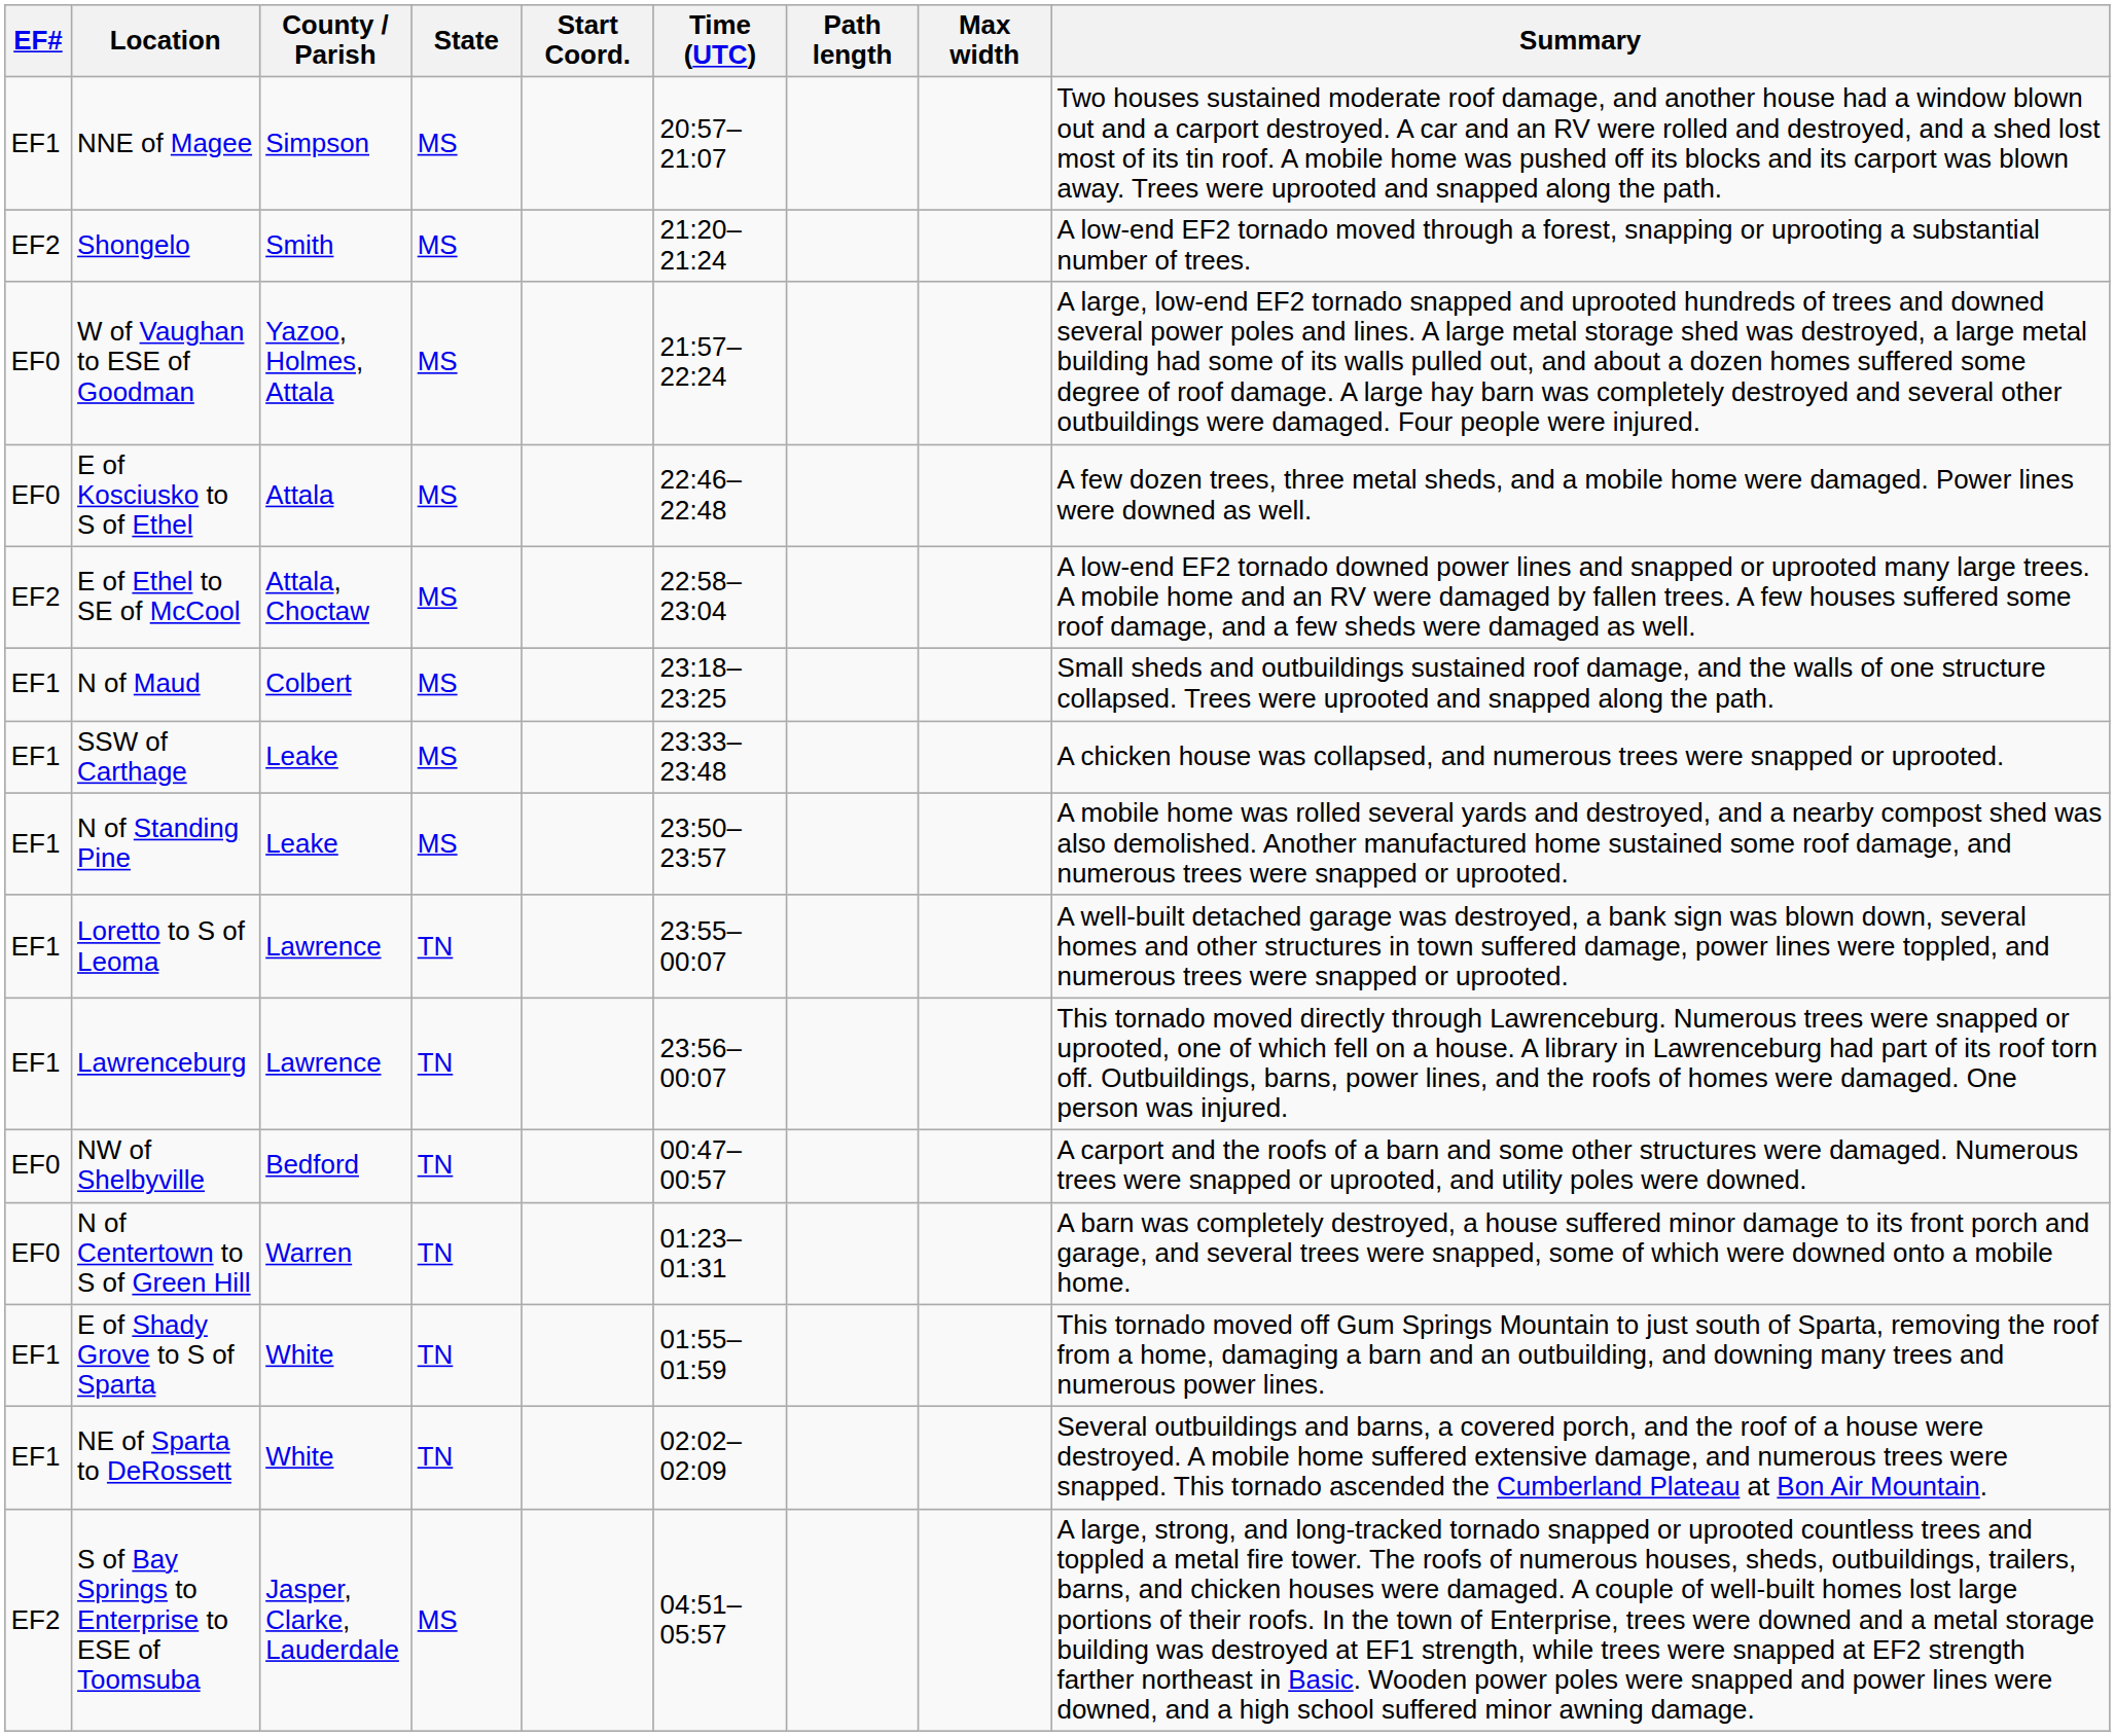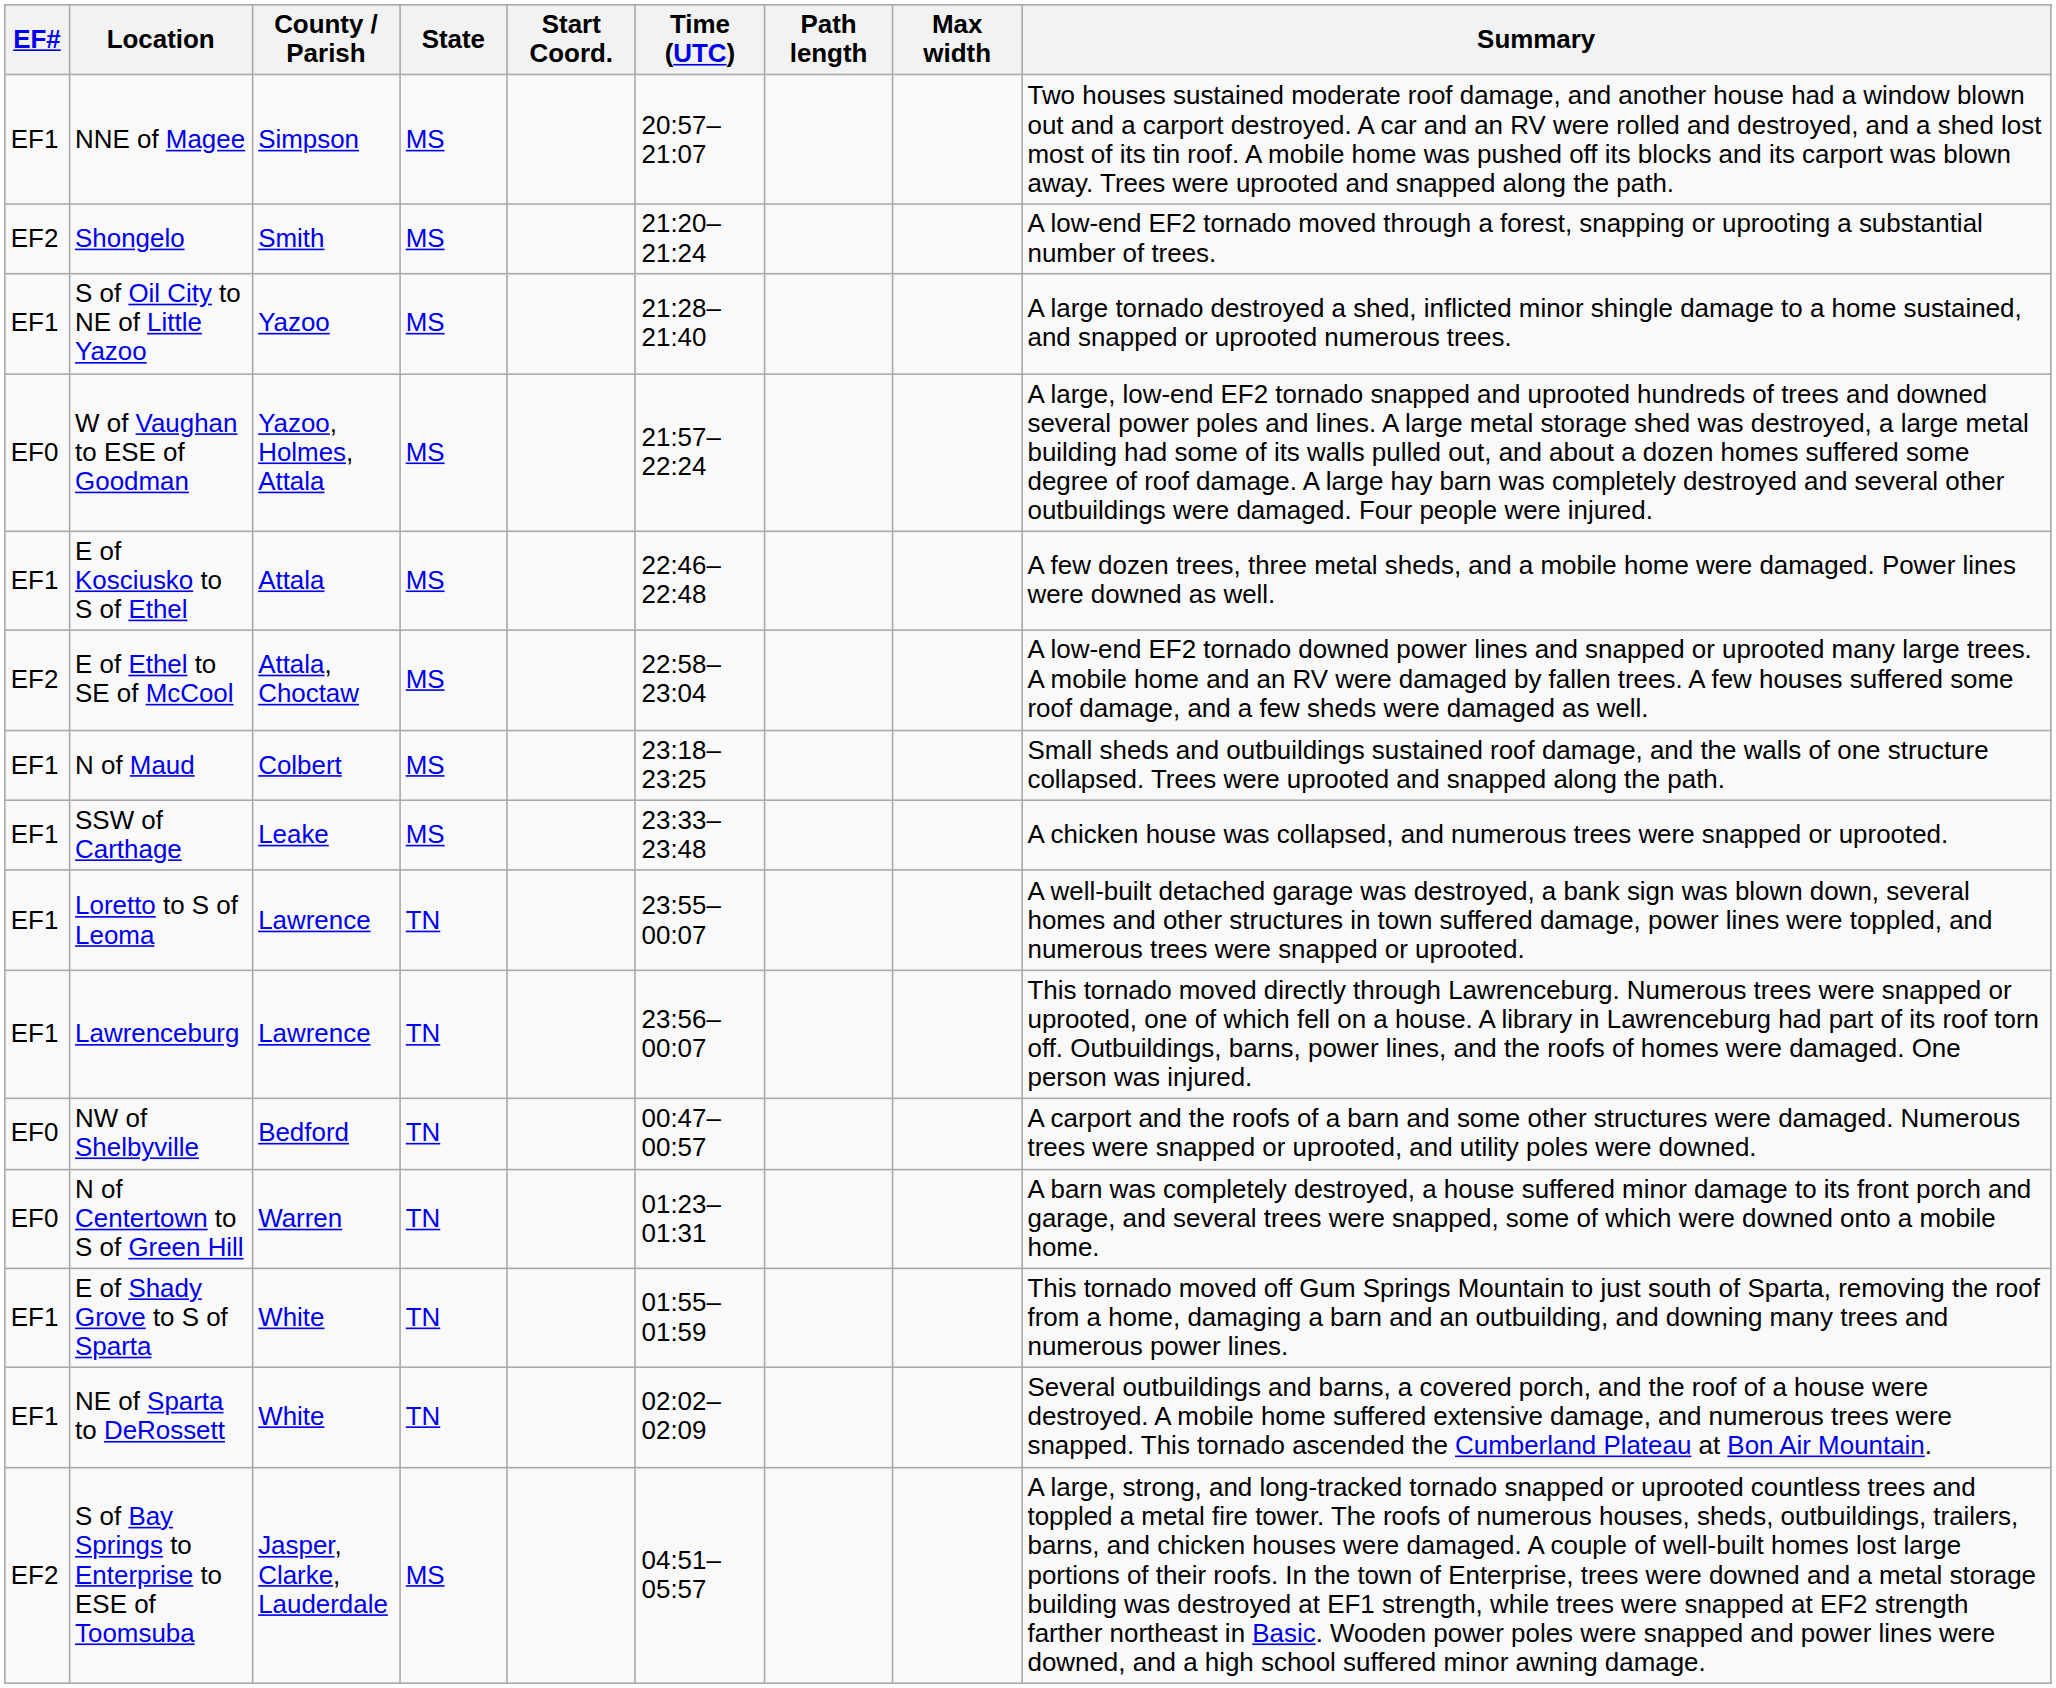 <table class="wikitable sortable" style="width:100%;">
 <tr>
 <th scope="col"  style="width:3%; text-align:center;"><a href='#'>EF#</a></th>
 <th scope="col"  style="width:7%; text-align:center;" class="unsortable">Location</th>
 <th scope="col"  style="width:6%; text-align:center;" class="unsortable">County / Parish</th>
 <th scope="col"  style="width:5%; text-align:center;">State</th>
 <th scope="col"  style="width:6%; text-align:center;">Start Coord.</th>
 <th scope="col"  style="width:6%; text-align:center;">Time (<a href='#'>UTC</a>)</th>
 <th scope="col"  style="width:6%; text-align:center;">Path length</th>
 <th scope="col"  style="width:6%; text-align:center;">Max width</th>
 <th scope="col" class="unsortable" style="width:48%; text-align:center;">Summary</th>
 </tr>
 <tr>
 <td>EF1</td>
 <td>NNE of <a href='#'>Magee</a></td>
 <td><a href='#'>Simpson</a></td>
 <td><a href='#'>MS</a></td>
 <td></td>
 <td>20:57–21:07</td>
 <td></td>
 <td></td>
 <td>Two houses sustained moderate roof damage, and another house had a window blown out and a carport destroyed. A car and an RV were rolled and destroyed, and a shed lost most of its tin roof. A mobile home was pushed off its blocks and its carport was blown away. Trees were uprooted and snapped along the path.</td>
 </tr>
 <tr>
 <td>EF2</td>
 <td><a href='#'>Shongelo</a></td>
 <td><a href='#'>Smith</a></td>
 <td><a href='#'>MS</a></td>
 <td></td>
 <td>21:20–21:24</td>
 <td></td>
 <td></td>
 <td>A low-end EF2 tornado moved through a forest, snapping or uprooting a substantial number of trees.</td>
 </tr>
 <tr>
+<td>EF1</td>
+<td>S of <a href='#'>Oil City</a> to NE of <a href='#'>Little Yazoo</a></td>
+<td><a href='#'>Yazoo</a></td>
+<td><a href='#'>MS</a></td>
+<td></td>
+<td>21:28–21:40</td>
+<td></td>
+<td></td>
+<td>A large tornado destroyed a shed, inflicted minor shingle damage to a home sustained, and snapped or uprooted numerous trees.</td>
+</tr>
+<tr>
 <td>EF0</td>
 <td>W of <a href='#'>Vaughan</a> to ESE of <a href='#'>Goodman</a></td>
 <td><a href='#'>Yazoo</a>, <a href='#'>Holmes</a>, <a href='#'>Attala</a></td>
 <td><a href='#'>MS</a></td>
 <td></td>
 <td>21:57–22:24</td>
 <td></td>
 <td></td>
 <td>A large, low-end EF2 tornado snapped and uprooted hundreds of trees and downed several power poles and lines. A large metal storage shed was destroyed, a large metal building had some of its walls pulled out, and about a dozen homes suffered some degree of roof damage. A large hay barn was completely destroyed and several other outbuildings were damaged. Four people were injured.</td>
 </tr>
 <tr>
-<td>EF0</td>
+<td>EF1</td>
 <td>E of <a href='#'>Kosciusko</a> to S of <a href='#'>Ethel</a></td>
 <td><a href='#'>Attala</a></td>
 <td><a href='#'>MS</a></td>
 <td></td>
 <td>22:46–22:48</td>
 <td></td>
 <td></td>
 <td>A few dozen trees, three metal sheds, and a mobile home were damaged. Power lines were downed as well.</td>
 </tr>
 <tr>
 <td>EF2</td>
 <td>E of <a href='#'>Ethel</a> to SE of <a href='#'>McCool</a></td>
 <td><a href='#'>Attala</a>, <a href='#'>Choctaw</a></td>
 <td><a href='#'>MS</a></td>
 <td></td>
 <td>22:58–23:04</td>
 <td></td>
 <td></td>
 <td>A low-end EF2 tornado downed power lines and snapped or uprooted many large trees. A mobile home and an RV were damaged by fallen trees. A few houses suffered some roof damage, and a few sheds were damaged as well.</td>
 </tr>
 <tr>
 <td>EF1</td>
 <td>N of <a href='#'>Maud</a></td>
 <td><a href='#'>Colbert</a></td>
 <td><a href='#'>MS</a></td>
 <td></td>
 <td>23:18–23:25</td>
 <td></td>
 <td></td>
 <td>Small sheds and outbuildings sustained roof damage, and the walls of one structure collapsed. Trees were uprooted and snapped along the path.</td>
 </tr>
 <tr>
 <td>EF1</td>
 <td>SSW of <a href='#'>Carthage</a></td>
 <td><a href='#'>Leake</a></td>
 <td><a href='#'>MS</a></td>
 <td></td>
 <td>23:33–23:48</td>
 <td></td>
 <td></td>
 <td>A chicken house was collapsed, and numerous trees were snapped or uprooted.</td>
-</tr>
-<tr>
-<td>EF1</td>
-<td>N of <a href='#'>Standing Pine</a></td>
-<td><a href='#'>Leake</a></td>
-<td><a href='#'>MS</a></td>
-<td></td>
-<td>23:50–23:57</td>
-<td></td>
-<td></td>
-<td>A mobile home was rolled several yards and destroyed, and a nearby compost shed was also demolished. Another manufactured home sustained some roof damage, and numerous trees were snapped or uprooted.</td>
 </tr>
 <tr>
 <td>EF1</td>
 <td><a href='#'>Loretto</a> to S of <a href='#'>Leoma</a></td>
 <td><a href='#'>Lawrence</a></td>
 <td><a href='#'>TN</a></td>
 <td></td>
 <td>23:55–00:07</td>
 <td></td>
 <td></td>
 <td>A well-built detached garage was destroyed, a bank sign was blown down, several homes and other structures in town suffered damage, power lines were toppled, and numerous trees were snapped or uprooted.</td>
 </tr>
 <tr>
 <td>EF1</td>
 <td><a href='#'>Lawrenceburg</a></td>
 <td><a href='#'>Lawrence</a></td>
 <td><a href='#'>TN</a></td>
 <td></td>
 <td>23:56–00:07</td>
 <td></td>
 <td></td>
 <td>This tornado moved directly through Lawrenceburg. Numerous trees were snapped or uprooted, one of which fell on a house. A library in Lawrenceburg had part of its roof torn off. Outbuildings, barns, power lines, and the roofs of homes were damaged. One person was injured.</td>
 </tr>
 <tr>
 <td>EF0</td>
 <td>NW of <a href='#'>Shelbyville</a></td>
 <td><a href='#'>Bedford</a></td>
 <td><a href='#'>TN</a></td>
 <td></td>
 <td>00:47–00:57</td>
 <td></td>
 <td></td>
 <td>A carport and the roofs of a barn and some other structures were damaged. Numerous trees were snapped or uprooted, and utility poles were downed.</td>
 </tr>
 <tr>
 <td>EF0</td>
 <td>N of <a href='#'>Centertown</a> to S of <a href='#'>Green Hill</a></td>
 <td><a href='#'>Warren</a></td>
 <td><a href='#'>TN</a></td>
 <td></td>
 <td>01:23–01:31</td>
 <td></td>
 <td></td>
 <td>A barn was completely destroyed, a house suffered minor damage to its front porch and garage, and several trees were snapped, some of which were downed onto a mobile home.</td>
 </tr>
 <tr>
 <td>EF1</td>
 <td>E of <a href='#'>Shady Grove</a> to S of <a href='#'>Sparta</a></td>
 <td><a href='#'>White</a></td>
 <td><a href='#'>TN</a></td>
 <td></td>
 <td>01:55–01:59</td>
 <td></td>
 <td></td>
 <td>This tornado moved off Gum Springs Mountain to just south of Sparta, removing the roof from a home, damaging a barn and an outbuilding, and downing many trees and numerous power lines.</td>
 </tr>
 <tr>
 <td>EF1</td>
 <td>NE of <a href='#'>Sparta</a> to <a href='#'>DeRossett</a></td>
 <td><a href='#'>White</a></td>
 <td><a href='#'>TN</a></td>
 <td></td>
 <td>02:02–02:09</td>
 <td></td>
 <td></td>
 <td>Several outbuildings and barns, a covered porch, and the roof of a house were destroyed. A mobile home suffered extensive damage, and numerous trees were snapped. This tornado ascended the <a href='#'>Cumberland Plateau</a> at <a href='#'>Bon Air Mountain</a>.</td>
 </tr>
 <tr>
 <td>EF2</td>
 <td>S of <a href='#'>Bay Springs</a> to <a href='#'>Enterprise</a> to ESE of <a href='#'>Toomsuba</a></td>
 <td><a href='#'>Jasper</a>, <a href='#'>Clarke</a>, <a href='#'>Lauderdale</a></td>
 <td><a href='#'>MS</a></td>
 <td></td>
 <td>04:51–05:57</td>
 <td></td>
 <td></td>
 <td>A large, strong, and long-tracked tornado snapped or uprooted countless trees and toppled a metal fire tower. The roofs of numerous houses, sheds, outbuildings, trailers, barns, and chicken houses were damaged. A couple of well-built homes lost large portions of their roofs. In the town of Enterprise, trees were downed and a metal storage building was destroyed at EF1 strength, while trees were snapped at EF2 strength farther northeast in <a href='#'>Basic</a>. Wooden power poles were snapped and power lines were downed, and a high school suffered minor awning damage.</td>
 </tr>
 </table>
